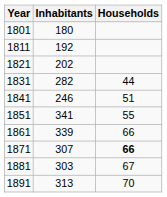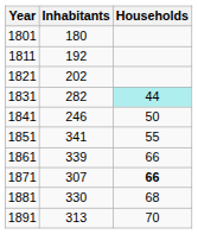 <table class="wikitable" style= "text-align: center;display: inline-table;">
 <tr>
 <th>Year</th>
 <th>Inhabitants</th>
 <th>Households</th>
 </tr>
 <tr>
 <td>1801</td>
 <td>180</td>
 <td></td>
 </tr>
 <tr>
 <td>1811</td>
 <td>192</td>
 <td></td>
 </tr>
 <tr>
 <td>1821</td>
 <td>202</td>
 <td></td>
 </tr>
 <tr>
 <td>1831</td>
 <td>282</td>
-<td>44</td>
+<td style="background: paleturquoise;">44</td>
 </tr>
 <tr>
 <td>1841</td>
 <td>246</td>
-<td>51</td>
+<td>50</td>
 </tr>
 <tr>
 <td>1851</td>
 <td>341</td>
 <td>55</td>
 </tr>
 <tr>
 <td>1861</td>
 <td>339</td>
 <td>66</td>
 </tr>
 <tr>
 <td>1871</td>
 <td>307</td>
 <td><strong>66</strong></td>
 </tr>
 <tr>
 <td>1881</td>
-<td>303</td>
-<td>67</td>
+<td>330</td>
+<td>68</td>
 </tr>
 <tr>
 <td>1891</td>
 <td>313</td>
 <td>70</td>
 </tr>
 </table>
